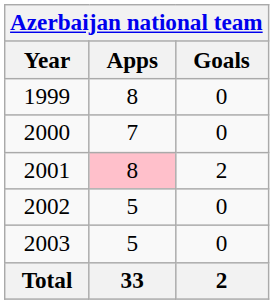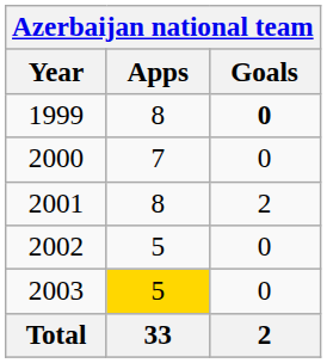 <table class="wikitable" style="text-align:center">
 <tr>
 <th colspan=3><a href='#'>Azerbaijan national team</a></th>
 </tr>
 <tr>
 <th>Year</th>
 <th>Apps</th>
 <th>Goals</th>
 </tr>
 <tr>
 <td>1999</td>
 <td>8</td>
-<td>0</td>
+<td><strong>0</strong></td>
 </tr>
 <tr>
 <td>2000</td>
 <td>7</td>
 <td>0</td>
 </tr>
 <tr>
 <td>2001</td>
-<td style="background: pink;">8</td>
+<td>8</td>
 <td>2</td>
 </tr>
 <tr>
 <td>2002</td>
 <td>5</td>
 <td>0</td>
 </tr>
 <tr>
 <td>2003</td>
-<td>5</td>
+<td style="background: gold;">5</td>
 <td>0</td>
 </tr>
 <tr>
 <th>Total</th>
 <th>33</th>
 <th>2</th>
 </tr>
 </table>
